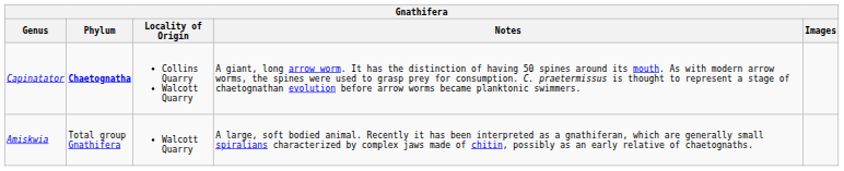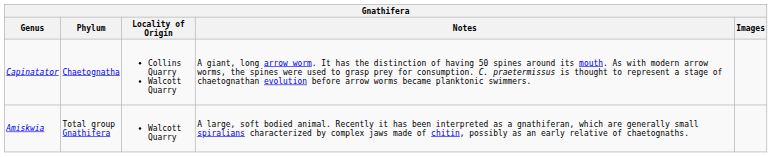 <table class="wikitable sortable mw-collapsible">
 <tr>
 <th colspan="5" align="center">Gnathifera</th>
 </tr>
 <tr>
 <th>Genus</th>
 <th>Phylum</th>
 <th>Locality of Origin</th>
 <th>Notes</th>
 <th>Images</th>
 </tr>
 <tr>
 <td><em><a href='#'>Capinatator</a></em></td>
-<td><strong><a href='#'>Chaetognatha</a></strong></td>
+<td><a href='#'>Chaetognatha</a></td>
 <td><br><ul><li>Collins Quarry</li><li>Walcott Quarry</li></ul></td>
 <td>A giant,  long <a href='#'>arrow worm</a>. It has the distinction of having 50 spines around its <a href='#'>mouth</a>. As with modern arrow worms, the spines were used to grasp prey for consumption. <em>C. praetermissus</em> is thought to represent a stage of chaetognathan <a href='#'>evolution</a> before arrow worms became planktonic swimmers.</td>
 <td></td>
 </tr>
 <tr>
 <td><em><a href='#'>Amiskwia</a></em></td>
 <td>Total group<br><a href='#'>Gnathifera</a></td>
 <td><br><ul><li>Walcott Quarry</li></ul></td>
 <td>A large, soft bodied animal. Recently it has been interpreted as a gnathiferan, which are generally small <a href='#'>spiralians</a> characterized by complex jaws made of <a href='#'>chitin</a>, possibly as an early relative of chaetognaths.</td>
 <td></td>
 </tr>
 </table>
